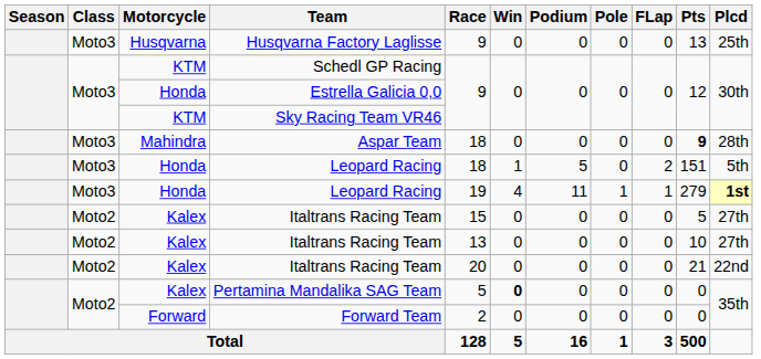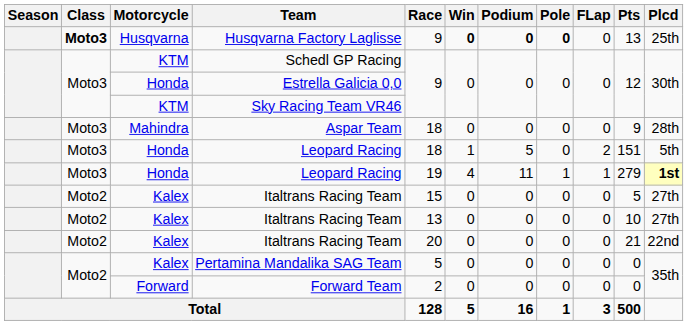 <table class="wikitable" style=text-align:right>
 <tr>
 <th>Season</th>
 <th>Class</th>
 <th>Motorcycle</th>
 <th>Team</th>
 <th>Race</th>
 <th>Win</th>
 <th>Podium</th>
 <th>Pole</th>
 <th>FLap</th>
 <th>Pts</th>
 <th>Plcd</th>
 </tr>
 <tr>
 <th></th>
-<td>Moto3</td>
+<td><strong>Moto3</strong></td>
 <td><a href='#'>Husqvarna</a></td>
 <td><a href='#'>Husqvarna Factory Laglisse</a></td>
 <td>9</td>
-<td>0</td>
-<td>0</td>
-<td>0</td>
+<td><strong>0</strong></td>
+<td><strong>0</strong></td>
+<td><strong>0</strong></td>
 <td>0</td>
 <td>13</td>
 <td>25th</td>
 </tr>
 <tr>
 <th rowspan=3></th>
 <td rowspan=3>Moto3</td>
 <td><a href='#'>KTM</a></td>
 <td>Schedl GP Racing</td>
 <td rowspan=3>9</td>
 <td rowspan=3>0</td>
 <td rowspan=3>0</td>
 <td rowspan=3>0</td>
 <td rowspan=3>0</td>
 <td rowspan=3>12</td>
 <td rowspan=3>30th</td>
 </tr>
 <tr>
 <td><a href='#'>Honda</a></td>
 <td><a href='#'>Estrella Galicia 0,0</a></td>
 </tr>
 <tr>
 <td><a href='#'>KTM</a></td>
 <td><a href='#'>Sky Racing Team VR46</a></td>
 </tr>
 <tr>
 <th></th>
 <td>Moto3</td>
 <td><a href='#'>Mahindra</a></td>
 <td><a href='#'>Aspar Team</a></td>
 <td>18</td>
 <td>0</td>
 <td>0</td>
 <td>0</td>
 <td>0</td>
-<td><strong>9</strong></td>
+<td>9</td>
 <td>28th</td>
 </tr>
 <tr>
 <th></th>
 <td>Moto3</td>
 <td><a href='#'>Honda</a></td>
 <td><a href='#'>Leopard Racing</a></td>
 <td>18</td>
 <td>1</td>
 <td>5</td>
 <td>0</td>
 <td>2</td>
 <td>151</td>
 <td>5th</td>
 </tr>
 <tr>
 <th></th>
 <td>Moto3</td>
 <td><a href='#'>Honda</a></td>
 <td><a href='#'>Leopard Racing</a></td>
 <td>19</td>
 <td>4</td>
 <td>11</td>
 <td>1</td>
 <td>1</td>
 <td>279</td>
 <td style="background:#ffffbf;"><strong>1st</strong></td>
 </tr>
 <tr>
 <th></th>
 <td>Moto2</td>
 <td><a href='#'>Kalex</a></td>
 <td>Italtrans Racing Team</td>
 <td>15</td>
 <td>0</td>
 <td>0</td>
 <td>0</td>
 <td>0</td>
 <td>5</td>
 <td>27th</td>
 </tr>
 <tr>
 <th></th>
 <td>Moto2</td>
 <td><a href='#'>Kalex</a></td>
 <td>Italtrans Racing Team</td>
 <td>13</td>
 <td>0</td>
 <td>0</td>
 <td>0</td>
 <td>0</td>
 <td>10</td>
 <td>27th</td>
 </tr>
 <tr>
 <th></th>
 <td>Moto2</td>
 <td><a href='#'>Kalex</a></td>
 <td>Italtrans Racing Team</td>
 <td>20</td>
 <td>0</td>
 <td>0</td>
 <td>0</td>
 <td>0</td>
 <td>21</td>
 <td>22nd</td>
 </tr>
 <tr>
 <th rowspan=2></th>
 <td rowspan=2>Moto2</td>
 <td><a href='#'>Kalex</a></td>
 <td><a href='#'>Pertamina Mandalika SAG Team</a></td>
 <td>5</td>
-<td><strong>0</strong></td>
+<td>0</td>
 <td>0</td>
 <td>0</td>
 <td>0</td>
 <td>0</td>
 <td rowspan=2>35th</td>
 </tr>
 <tr>
 <td><a href='#'>Forward</a></td>
 <td><a href='#'>Forward Team</a></td>
 <td>2</td>
 <td>0</td>
 <td>0</td>
 <td>0</td>
 <td>0</td>
 <td>0</td>
 </tr>
 <tr>
 <th colspan="4">Total</th>
 <td><strong>128</strong></td>
 <td><strong>5</strong></td>
 <td><strong>16</strong></td>
 <td><strong>1</strong></td>
 <td><strong>3</strong></td>
 <td><strong>500</strong></td>
 <td></td>
 </tr>
 </table>
